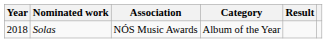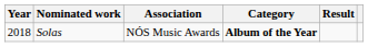 <table class="wikitable sortable">
 <tr>
 <th>Year</th>
 <th>Nominated work</th>
 <th>Association</th>
 <th>Category</th>
 <th>Result</th>
 <th></th>
 </tr>
 <tr>
 <td rowspan="4" align="center">2018</td>
 <td rowspan="4"><em>Solas</em></td>
 <td rowspan="2">NÓS Music Awards</td>
-<td>Album of the Year</td>
+<td><strong>Album of the Year</strong></td>
 <td></td>
 <td style="text-align:center"></td>
 </tr>
 </table>
